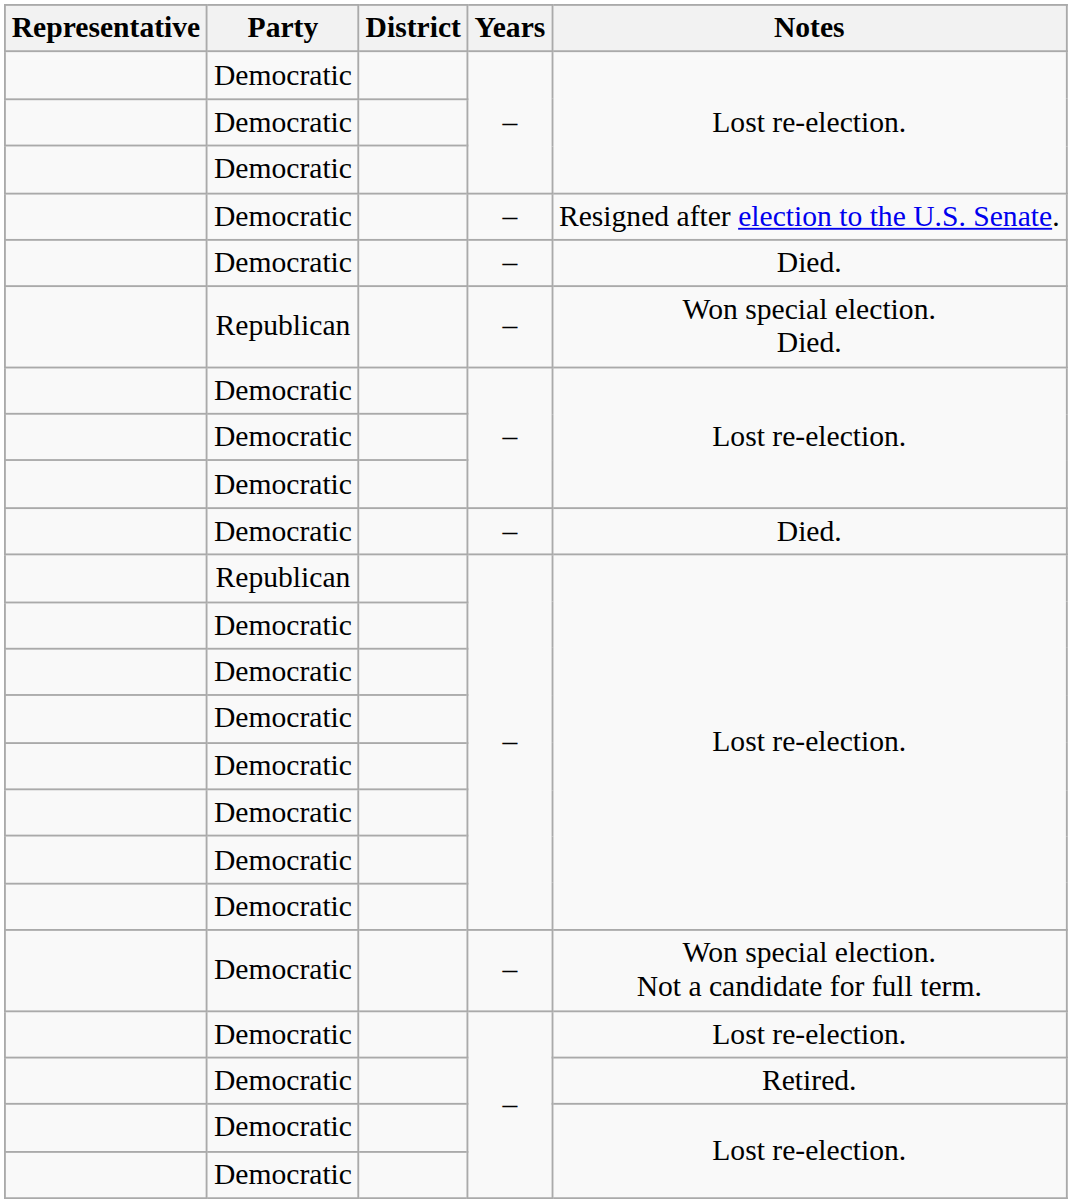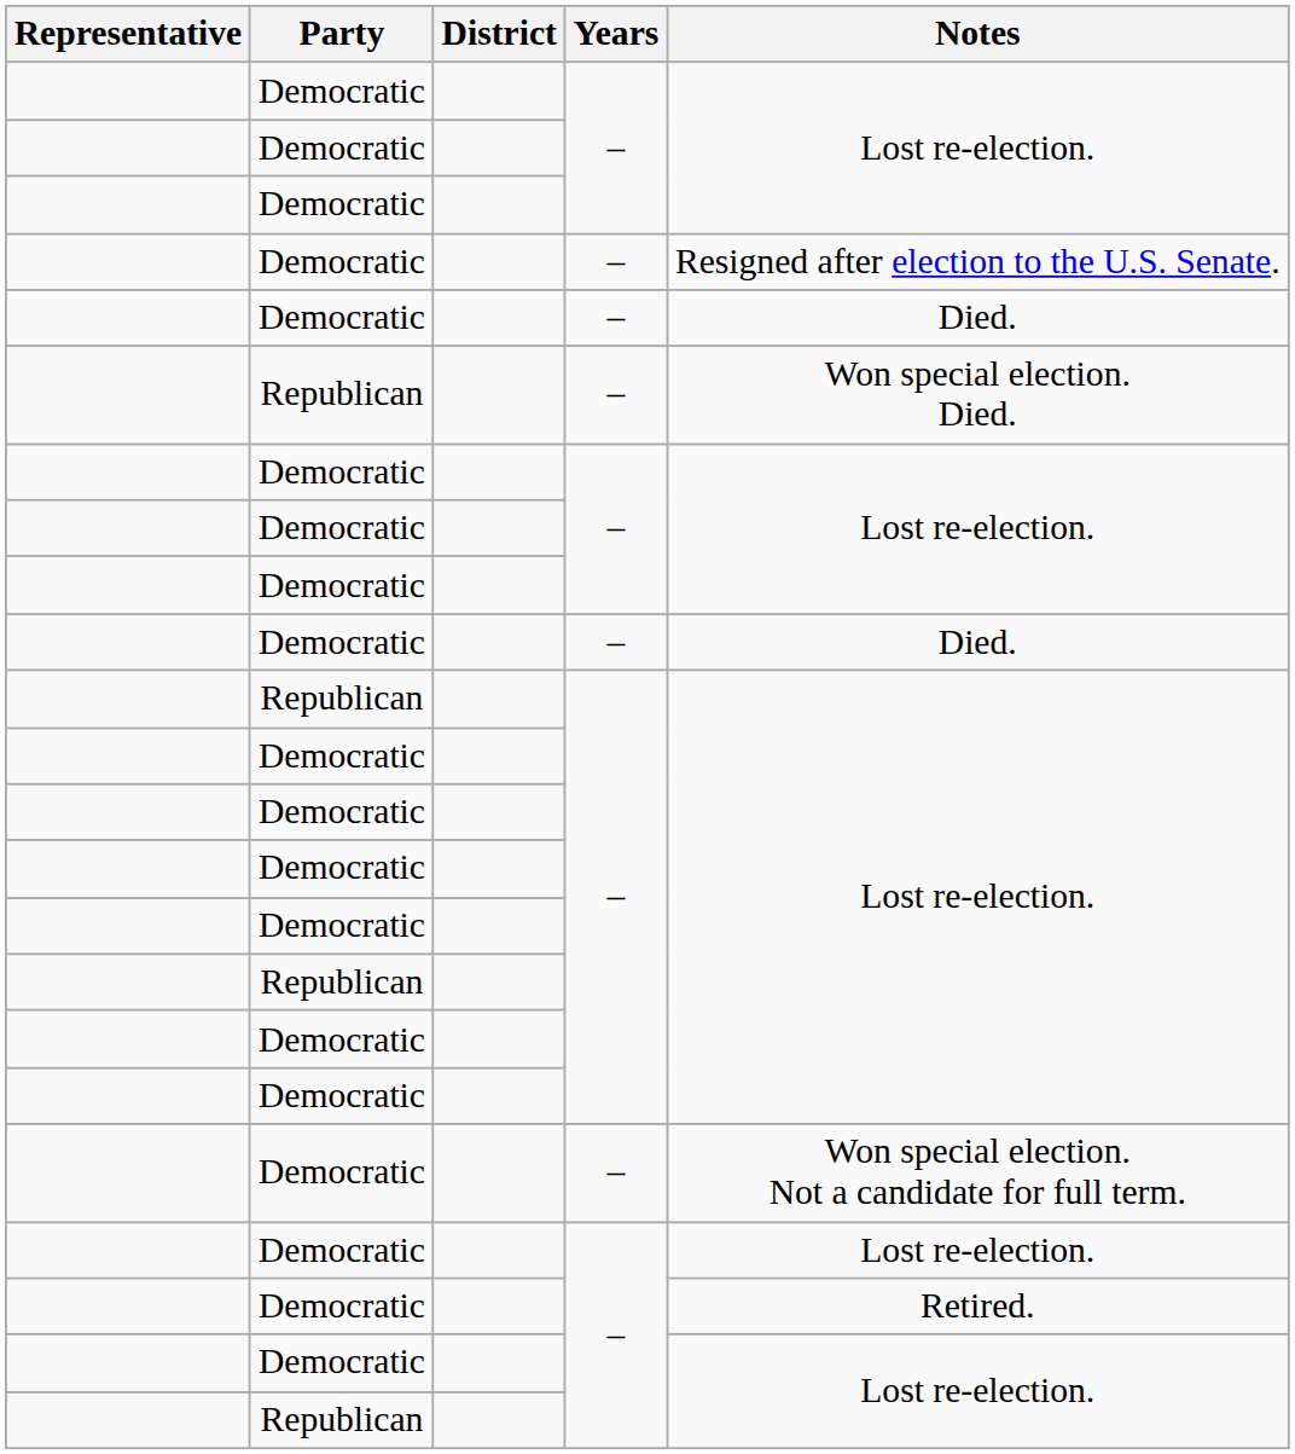 <table class="wikitable sortable" style="text-align:center">
 <tr valign=bottom>
 <th>Representative</th>
 <th>Party</th>
 <th>District</th>
 <th>Years</th>
 <th>Notes</th>
 </tr>
 <tr>
 <td align=left></td>
 <td>Democratic</td>
 <td></td>
 <td rowspan="3" nowrap=""> –<br></td>
 <td rowspan="3">Lost re-election.</td>
 </tr>
 <tr>
 <td align=left></td>
 <td>Democratic</td>
 <td></td>
 </tr>
 <tr>
 <td align=left></td>
 <td>Democratic</td>
 <td></td>
 </tr>
 <tr>
 <td align=left></td>
 <td>Democratic</td>
 <td></td>
 <td nowrap> –<br></td>
 <td>Resigned after <a href='#'>election to the U.S. Senate</a>.</td>
 </tr>
 <tr>
 <td align=left></td>
 <td>Democratic</td>
 <td></td>
 <td nowrap> –<br></td>
 <td>Died.</td>
 </tr>
 <tr>
 <td align=left></td>
 <td>Republican</td>
 <td></td>
 <td nowrap> –<br></td>
 <td>Won special election.<br>Died.</td>
 </tr>
 <tr>
 <td align=left></td>
 <td>Democratic</td>
 <td></td>
 <td rowspan="3" nowrap=""> –<br></td>
 <td rowspan="3">Lost re-election.</td>
 </tr>
 <tr>
 <td align=left></td>
 <td>Democratic</td>
 <td></td>
 </tr>
 <tr>
 <td align=left></td>
 <td>Democratic</td>
 <td></td>
 </tr>
 <tr>
 <td align=left></td>
 <td>Democratic</td>
 <td></td>
 <td nowrap> –<br></td>
 <td>Died.</td>
 </tr>
 <tr>
 <td align=left></td>
 <td>Republican</td>
 <td></td>
 <td rowspan="8" nowrap=""> –<br></td>
 <td rowspan="8">Lost re-election.</td>
 </tr>
 <tr>
 <td align=left></td>
 <td>Democratic</td>
 <td></td>
 </tr>
 <tr>
 <td align=left></td>
 <td>Democratic</td>
 <td></td>
 </tr>
 <tr>
 <td align=left></td>
 <td>Democratic</td>
 <td></td>
 </tr>
 <tr>
 <td align=left></td>
 <td>Democratic</td>
 <td></td>
 </tr>
 <tr>
 <td align=left></td>
-<td>Democratic</td>
+<td>Republican</td>
 <td></td>
 </tr>
 <tr>
 <td align=left></td>
 <td>Democratic</td>
 <td></td>
 </tr>
 <tr>
 <td align=left></td>
 <td>Democratic</td>
 <td></td>
 </tr>
 <tr>
 <td align=left></td>
 <td>Democratic</td>
 <td></td>
 <td nowrap> –<br></td>
 <td>Won special election.<br>Not a candidate for full term.</td>
 </tr>
 <tr>
 <td align=left></td>
 <td>Democratic</td>
 <td></td>
 <td rowspan="4" nowrap=""> –<br></td>
 <td>Lost re-election.</td>
 </tr>
 <tr>
 <td align=left></td>
 <td>Democratic</td>
 <td></td>
 <td>Retired.</td>
 </tr>
 <tr>
 <td align=left></td>
 <td>Democratic</td>
 <td></td>
 <td rowspan="2">Lost re-election.</td>
 </tr>
 <tr>
 <td align=left></td>
-<td>Democratic</td>
+<td>Republican</td>
 <td></td>
 </tr>
 </table>
